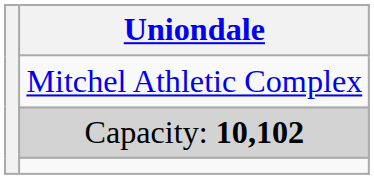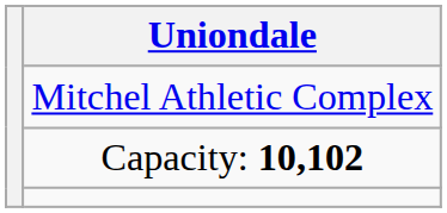 <table class="wikitable" style="text-align:center; margin-left:auto; margin-right:auto; border:none;">
 <tr>
 <th rowspan="4"></th>
 <th><a href='#'>Uniondale</a></th>
 </tr>
 <tr>
 <td><a href='#'>Mitchel Athletic Complex</a></td>
 </tr>
 <tr>
-<td style="background: lightgrey;">Capacity: <strong>10,102</strong></td>
+<td>Capacity: <strong>10,102</strong></td>
 </tr>
 <tr>
 <td></td>
 </tr>
 </table>
